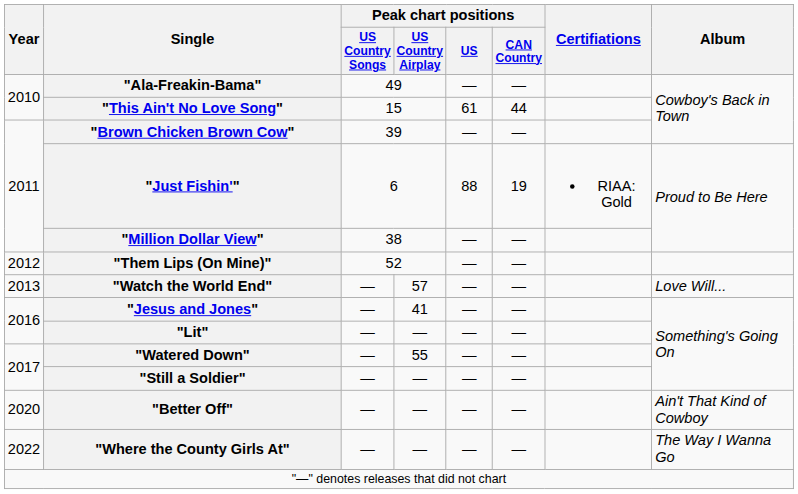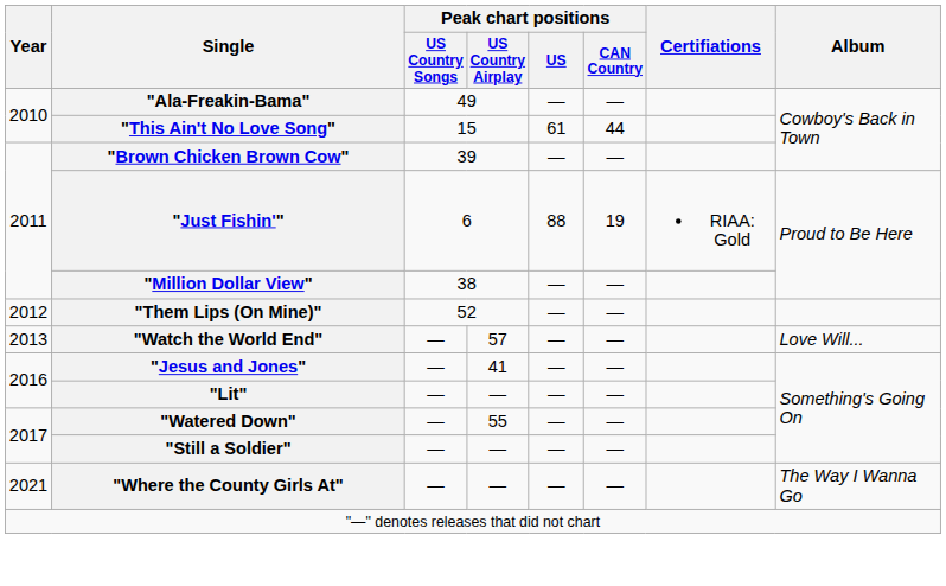 <table class="wikitable plainrowheaders" style="text-align:center;">
 <tr>
 <th rowspan="2">Year</th>
 <th rowspan="2" style="width:20em;">Single</th>
 <th colspan="4">Peak chart positions</th>
 <th rowspan="2" style=“width:10em;”><a href='#'>Certifiations</a></th>
 <th rowspan="2">Album</th>
 </tr>
 <tr style="font-size:smaller;">
 <th width="45"><a href='#'>US Country Songs</a><br></th>
 <th width="45"><a href='#'>US Country Airplay</a><br></th>
 <th width="45"><a href='#'>US</a><br></th>
 <th width="45"><a href='#'>CAN Country</a><br></th>
 </tr>
 <tr>
 <td rowspan="2">2010</td>
 <th scope="row">"Ala-Freakin-Bama"</th>
 <td colspan="2">49</td>
 <td>—</td>
 <td>—</td>
 <td></td>
 <td rowspan="3" align="left"><em>Cowboy's Back in Town</em></td>
 </tr>
 <tr>
 <th scope="row">"<a href='#'>This Ain't No Love Song</a>"</th>
 <td colspan="2">15</td>
 <td>61</td>
 <td>44</td>
 <td></td>
 </tr>
 <tr>
 <td rowspan="3">2011</td>
 <th scope="row">"<a href='#'>Brown Chicken Brown Cow</a>"</th>
 <td colspan="2">39</td>
 <td>—</td>
 <td>—</td>
 <td></td>
 </tr>
 <tr>
 <th scope="row">"<a href='#'>Just Fishin'</a>"</th>
 <td colspan="2">6</td>
 <td>88</td>
 <td>19</td>
 <td><br><ul><li>RIAA: Gold</li></ul></td>
 <td align="left" rowspan="2"><em>Proud to Be Here</em></td>
 </tr>
 <tr>
 <th scope="row">"<a href='#'>Million Dollar View</a>"</th>
 <td colspan="2">38</td>
 <td>—</td>
 <td>—</td>
 <td></td>
 </tr>
 <tr>
 <td>2012</td>
 <th scope="row">"Them Lips (On Mine)"</th>
 <td colspan="2">52</td>
 <td>—</td>
 <td>—</td>
 <td></td>
 <td></td>
 </tr>
 <tr>
 <td>2013</td>
 <th scope="row">"Watch the World End" </th>
 <td>—</td>
 <td>57</td>
 <td>—</td>
 <td>—</td>
 <td></td>
 <td align="left"><em>Love Will...</em></td>
 </tr>
 <tr>
 <td rowspan="2">2016</td>
 <th scope="row">"<a href='#'>Jesus and Jones</a>"</th>
 <td>—</td>
 <td>41</td>
 <td>—</td>
 <td>—</td>
 <td></td>
 <td align="left" rowspan="4"><em>Something's Going On</em></td>
 </tr>
 <tr>
 <th scope="row">"Lit"</th>
 <td>—</td>
 <td>—</td>
 <td>—</td>
 <td>—</td>
 <td></td>
 </tr>
 <tr>
 <td rowspan="2">2017</td>
 <th scope="row">"Watered Down"</th>
 <td>—</td>
 <td>55</td>
 <td>—</td>
 <td>—</td>
 <td></td>
 </tr>
 <tr>
 <th scope="row">"Still a Soldier"</th>
 <td>—</td>
 <td>—</td>
 <td>—</td>
 <td>—</td>
 <td></td>
 </tr>
 <tr>
-<td>2020</td>
-<th scope="row">"Better Off"</th>
-<td>—</td>
-<td>—</td>
-<td>—</td>
-<td>—</td>
-<td></td>
-<td align="left"><em>Ain't That Kind of Cowboy</em></td>
-</tr>
-<tr>
-<td>2022</td>
+<td>2021</td>
 <th scope="row">"Where the County Girls At"<br></th>
 <td>—</td>
 <td>—</td>
 <td>—</td>
 <td>—</td>
 <td></td>
 <td align="left"><em>The Way I Wanna Go</em></td>
 </tr>
 <tr>
 <td colspan="8" style="font-size:85%">"—" denotes releases that did not chart</td>
 </tr>
 </table>
